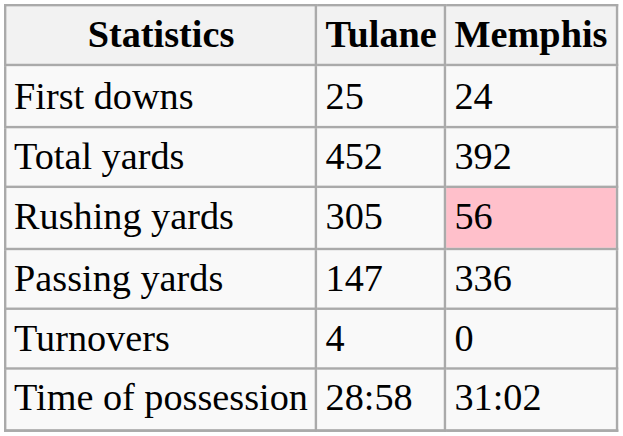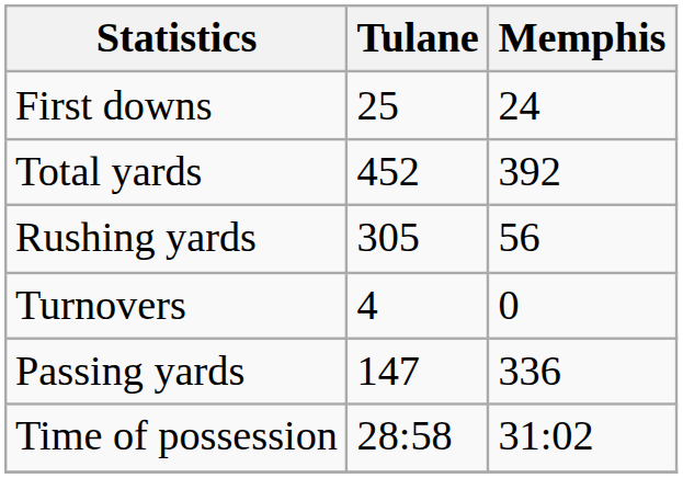 <table class="wikitable">
 <tr>
 <th>Statistics</th>
 <th>Tulane</th>
 <th>Memphis</th>
 </tr>
 <tr>
 <td>First downs</td>
 <td>25</td>
 <td>24</td>
 </tr>
 <tr>
 <td>Total yards</td>
 <td>452</td>
 <td>392</td>
 </tr>
 <tr>
 <td>Rushing yards</td>
 <td>305</td>
-<td style="background: pink;">56</td>
+<td>56</td>
+</tr>
+<tr>
+<td>Turnovers</td>
+<td>4</td>
+<td>0</td>
 </tr>
 <tr>
 <td>Passing yards</td>
 <td>147</td>
 <td>336</td>
-</tr>
-<tr>
-<td>Turnovers</td>
-<td>4</td>
-<td>0</td>
 </tr>
 <tr>
 <td>Time of possession</td>
 <td>28:58</td>
 <td>31:02</td>
 </tr>
 <tr>
 </tr>
 </table>
